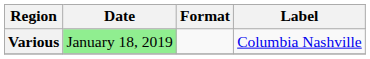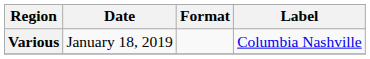 <table class="wikitable plainrowheaders">
 <tr>
 <th scope="col">Region</th>
 <th scope="col">Date</th>
 <th scope="col">Format</th>
 <th scope="col">Label</th>
 </tr>
 <tr>
 <th scope="row">Various</th>
-<td style="background: lightgreen;">January 18, 2019</td>
+<td>January 18, 2019</td>
 <td></td>
 <td><a href='#'>Columbia Nashville</a></td>
 </tr>
 <tr>
 </tr>
 </table>
